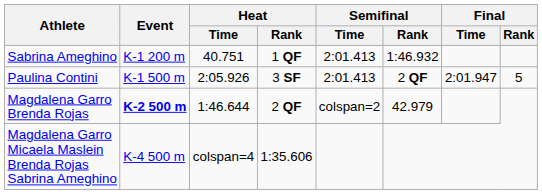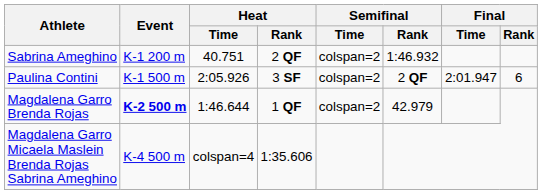 <table class="wikitable" style="font-size:90%;text-align:center">
 <tr>
 <th rowspan=2>Athlete</th>
 <th rowspan=2>Event</th>
 <th colspan=2>Heat</th>
 <th colspan=2>Semifinal</th>
 <th colspan=2>Final</th>
 </tr>
 <tr style=font-size:95%>
 <th>Time</th>
 <th>Rank</th>
 <th>Time</th>
 <th>Rank</th>
 <th>Time</th>
 <th>Rank</th>
 </tr>
 <tr>
 <td style="text-align:left"><a href='#'>Sabrina Ameghino</a></td>
 <td style="text-align:left"><a href='#'>K-1 200 m</a></td>
 <td>40.751</td>
-<td>1 <strong>QF</strong></td>
-<td>2:01.413</td>
+<td>2 <strong>QF</strong></td>
+<td>colspan=2 </td>
 <td>1:46.932</td>
 <td></td>
 </tr>
 <tr>
 <td style="text-align:left"><a href='#'>Paulina Contini</a></td>
 <td style="text-align:left"><a href='#'>K-1 500 m</a></td>
 <td>2:05.926</td>
 <td>3 <strong>SF</strong></td>
-<td>2:01.413</td>
+<td>colspan=2 </td>
 <td>2 <strong>QF</strong></td>
 <td>2:01.947</td>
-<td>5</td>
+<td>6</td>
 </tr>
 <tr>
 <td style="text-align:left"><a href='#'>Magdalena Garro</a><br><a href='#'>Brenda Rojas</a></td>
 <td style="text-align:left"><strong><a href='#'>K-2 500 m</a></strong></td>
 <td>1:46.644</td>
-<td>2 <strong>QF</strong></td>
+<td>1 <strong>QF</strong></td>
 <td>colspan=2 </td>
 <td>42.979</td>
 <td></td>
 </tr>
 <tr>
 <td style="text-align:left"><a href='#'>Magdalena Garro</a><br><a href='#'>Micaela Maslein</a><br><a href='#'>Brenda Rojas</a><br><a href='#'>Sabrina Ameghino</a></td>
 <td style="text-align:left"><a href='#'>K-4 500 m</a></td>
 <td>colspan=4 </td>
 <td>1:35.606</td>
 <td></td>
 </tr>
 </table>
